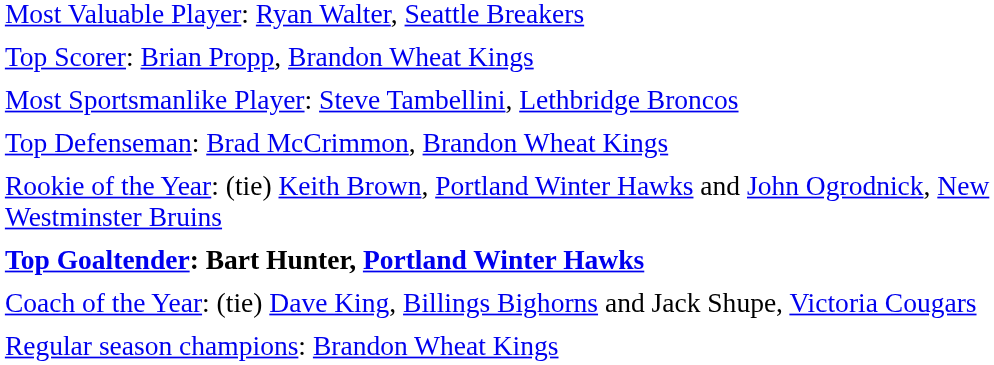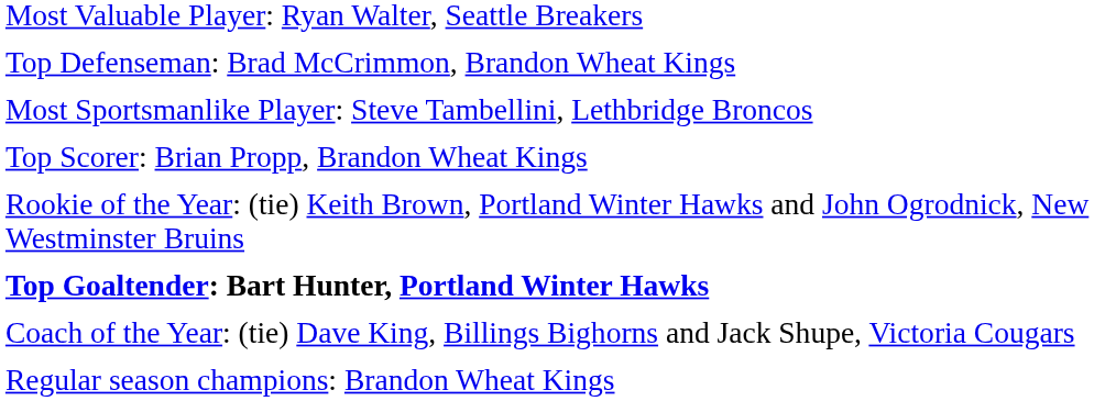 <table cellpadding="3" cellspacing="1">
 <tr>
 <td><a href='#'>Most Valuable Player</a>: <a href='#'>Ryan Walter</a>, <a href='#'>Seattle Breakers</a></td>
 </tr>
 <tr>
-<td><a href='#'>Top Scorer</a>: <a href='#'>Brian Propp</a>, <a href='#'>Brandon Wheat Kings</a></td>
+<td><a href='#'>Top Defenseman</a>: <a href='#'>Brad McCrimmon</a>, <a href='#'>Brandon Wheat Kings</a></td>
 </tr>
 <tr>
 <td><a href='#'>Most Sportsmanlike Player</a>: <a href='#'>Steve Tambellini</a>, <a href='#'>Lethbridge Broncos</a></td>
 </tr>
 <tr>
-<td><a href='#'>Top Defenseman</a>: <a href='#'>Brad McCrimmon</a>, <a href='#'>Brandon Wheat Kings</a></td>
+<td><a href='#'>Top Scorer</a>: <a href='#'>Brian Propp</a>, <a href='#'>Brandon Wheat Kings</a></td>
 </tr>
 <tr>
 <td><a href='#'>Rookie of the Year</a>: (tie) <a href='#'>Keith Brown</a>, <a href='#'>Portland Winter Hawks</a> and <a href='#'>John Ogrodnick</a>, <a href='#'>New Westminster Bruins</a></td>
 </tr>
 <tr>
 <td><strong><a href='#'>Top Goaltender</a>: Bart Hunter, <a href='#'>Portland Winter Hawks</a></strong></td>
 </tr>
 <tr>
 <td><a href='#'>Coach of the Year</a>: (tie) <a href='#'>Dave King</a>, <a href='#'>Billings Bighorns</a> and Jack Shupe, <a href='#'>Victoria Cougars</a></td>
 </tr>
 <tr>
 <td><a href='#'>Regular season champions</a>: <a href='#'>Brandon Wheat Kings</a></td>
 </tr>
 </table>
